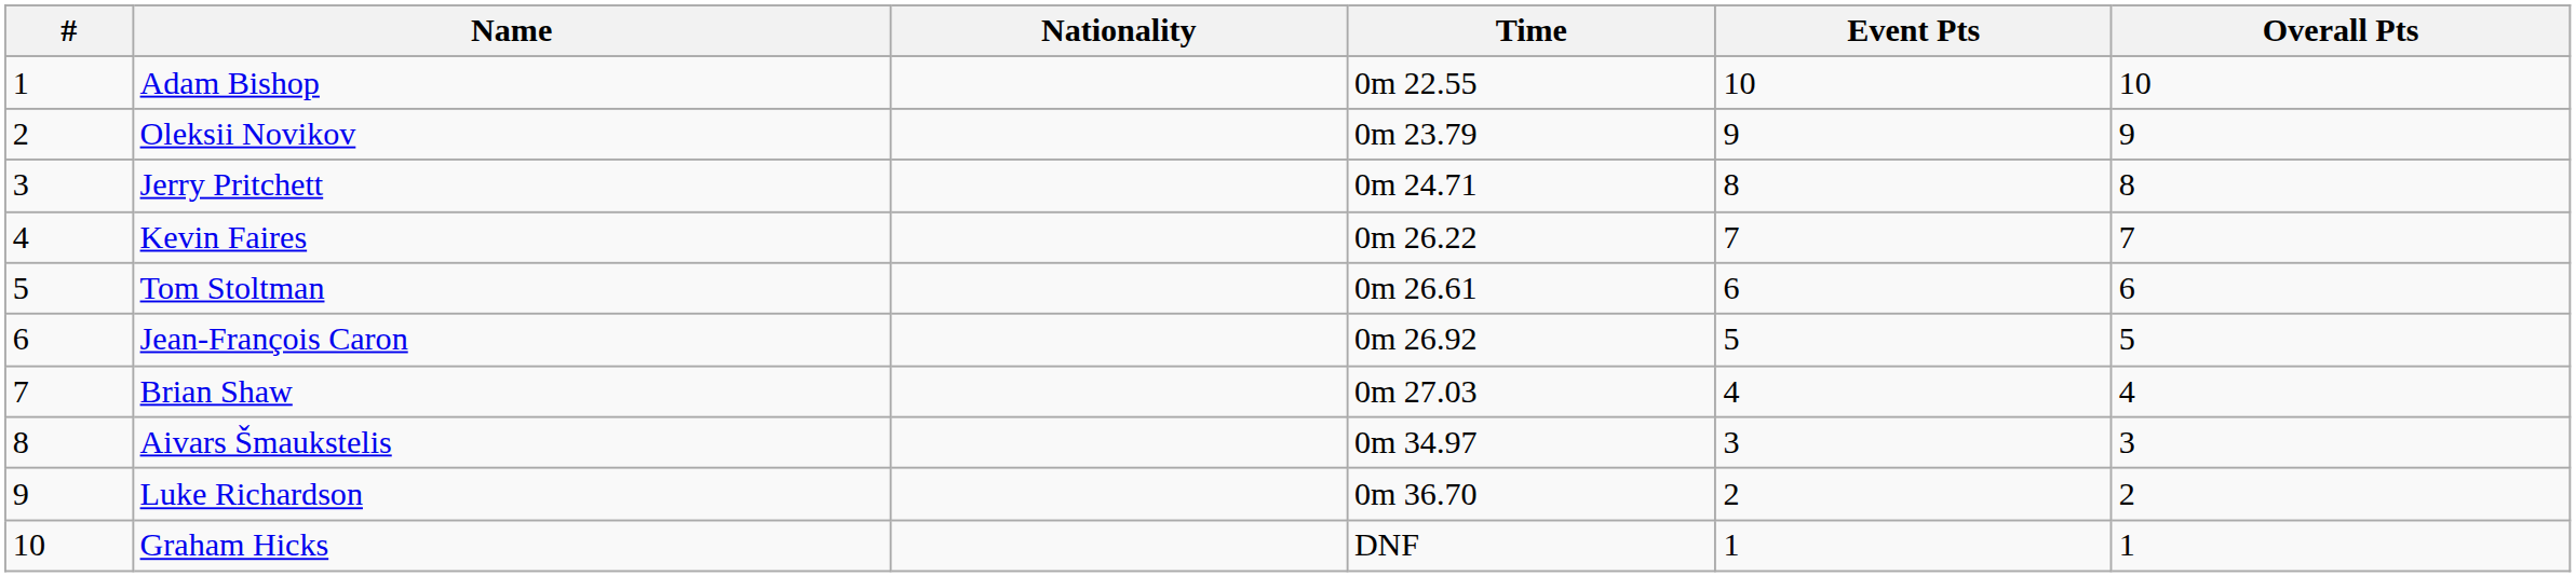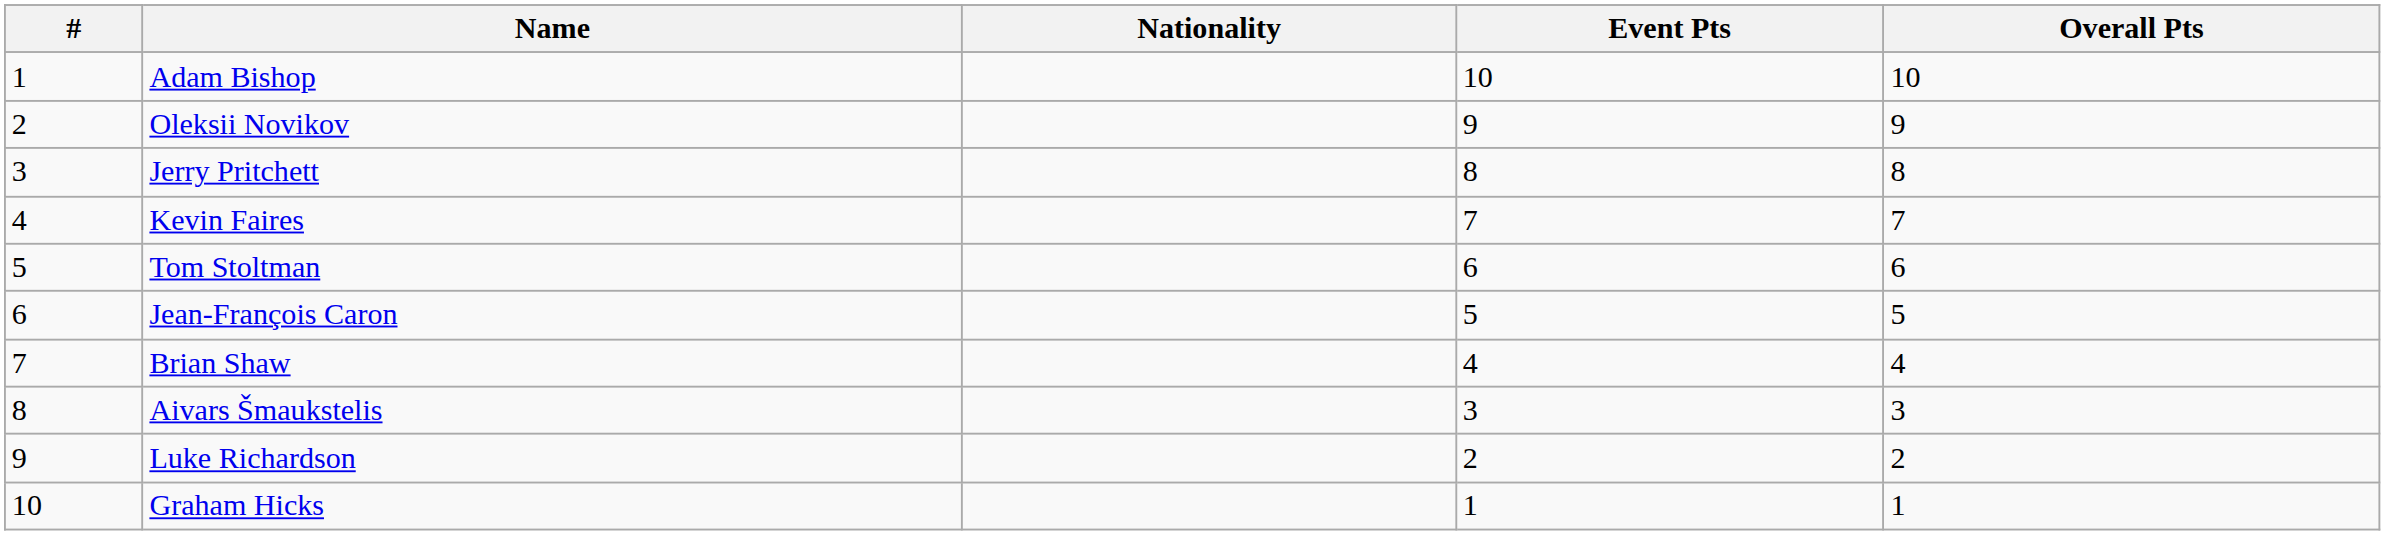 <table class="wikitable sortable" style="display: inline-table;width: 100%;">
 <tr>
 <th>#</th>
 <th>Name</th>
 <th>Nationality</th>
-<th>Time</th>
 <th>Event Pts</th>
 <th>Overall Pts</th>
 </tr>
 <tr>
 <td>1</td>
 <td><a href='#'>Adam Bishop</a></td>
 <td></td>
-<td>0m 22.55</td>
 <td>10</td>
 <td>10</td>
 </tr>
 <tr>
 <td>2</td>
 <td><a href='#'>Oleksii Novikov</a></td>
 <td></td>
-<td>0m 23.79</td>
 <td>9</td>
 <td>9</td>
 </tr>
 <tr>
 <td>3</td>
 <td><a href='#'>Jerry Pritchett</a></td>
 <td></td>
-<td>0m 24.71</td>
 <td>8</td>
 <td>8</td>
 </tr>
 <tr>
 <td>4</td>
 <td><a href='#'>Kevin Faires</a></td>
 <td></td>
-<td>0m 26.22</td>
 <td>7</td>
 <td>7</td>
 </tr>
 <tr>
 <td>5</td>
 <td><a href='#'>Tom Stoltman</a></td>
 <td></td>
-<td>0m 26.61</td>
 <td>6</td>
 <td>6</td>
 </tr>
 <tr>
 <td>6</td>
 <td><a href='#'>Jean-François Caron</a></td>
 <td></td>
-<td>0m 26.92</td>
 <td>5</td>
 <td>5</td>
 </tr>
 <tr>
 <td>7</td>
 <td><a href='#'>Brian Shaw</a></td>
 <td></td>
-<td>0m 27.03</td>
 <td>4</td>
 <td>4</td>
 </tr>
 <tr>
 <td>8</td>
 <td><a href='#'>Aivars Šmaukstelis</a></td>
 <td></td>
-<td>0m 34.97</td>
 <td>3</td>
 <td>3</td>
 </tr>
 <tr>
 <td>9</td>
 <td><a href='#'>Luke Richardson</a></td>
 <td></td>
-<td>0m 36.70</td>
 <td>2</td>
 <td>2</td>
 </tr>
 <tr>
 <td>10</td>
 <td><a href='#'>Graham Hicks</a></td>
 <td></td>
-<td>DNF </td>
 <td>1</td>
 <td>1</td>
 </tr>
 </table>
